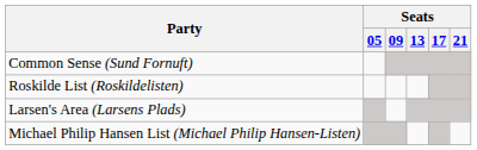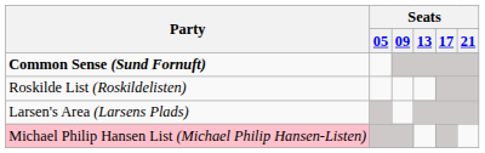 <table class="wikitable">
 <tr>
 <th rowspan=2>Party</th>
 <th colspan=11>Seats</th>
 </tr>
 <tr>
 <th><a href='#'>05</a></th>
 <th><a href='#'>09</a></th>
 <th><a href='#'>13</a></th>
 <th><a href='#'>17</a></th>
 <th><a href='#'>21</a></th>
 </tr>
 <tr>
-<td>Common Sense <em>(Sund Fornuft)</em></td>
+<td><strong>Common Sense <em>(Sund Fornuft)</em></strong></td>
 <td></td>
 <td style="background:#CDC9C9;" colspan=4></td>
 </tr>
 <tr>
 <td>Roskilde List <em>(Roskildelisten)</em></td>
 <td></td>
 <td></td>
 <td></td>
 <td style="background:#CDC9C9;" colspan=2></td>
 </tr>
 <tr>
 <td>Larsen's Area <em>(Larsens Plads)</em></td>
 <td style="background:#CDC9C9;"></td>
 <td></td>
 <td style="background:#CDC9C9;" colspan=3></td>
 </tr>
 <tr>
-<td>Michael Philip Hansen List <em>(Michael Philip Hansen-Listen)</em></td>
+<td style="background: pink;">Michael Philip Hansen List <em>(Michael Philip Hansen-Listen)</em></td>
 <td style="background:#CDC9C9;" colspan=2></td>
 <td></td>
 <td style="background:#CDC9C9;"></td>
 <td></td>
 </tr>
 </table>
